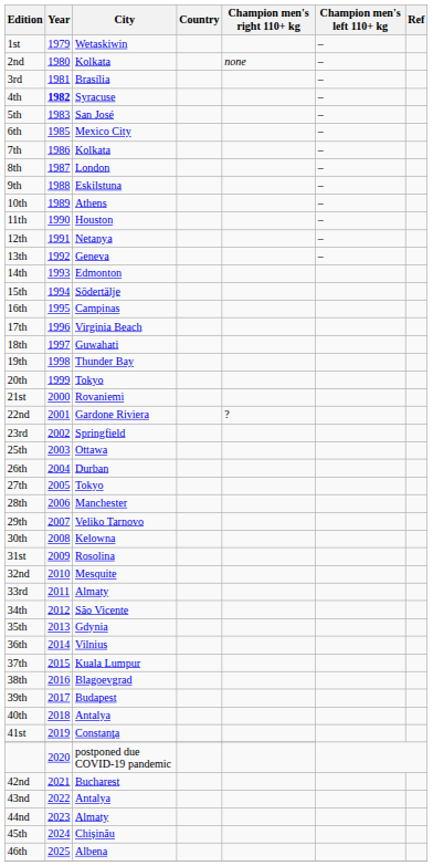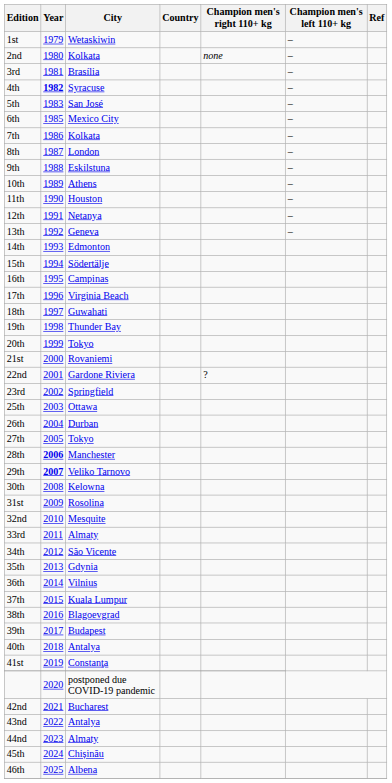 <table class="wikitable" style="text-align:left;">
 <tr>
 <th>Edition</th>
 <th>Year</th>
 <th>City</th>
 <th>Country</th>
 <th>Champion men's right 110+ kg</th>
 <th>Champion men's left 110+ kg</th>
 <th>Ref</th>
 </tr>
 <tr>
 <td>1st</td>
 <td><a href='#'>1979</a></td>
 <td><a href='#'>Wetaskiwin</a></td>
 <td></td>
 <td></td>
 <td>–</td>
 <td></td>
 </tr>
 <tr>
 <td>2nd</td>
 <td><a href='#'>1980</a></td>
 <td><a href='#'>Kolkata</a></td>
 <td></td>
 <td><em>none</em></td>
 <td>–</td>
 <td></td>
 </tr>
 <tr>
 <td>3rd</td>
 <td><a href='#'>1981</a></td>
 <td><a href='#'>Brasília</a></td>
 <td></td>
 <td></td>
 <td>–</td>
 <td></td>
 </tr>
 <tr>
 <td>4th</td>
 <td><strong><a href='#'>1982</a></strong></td>
 <td><a href='#'>Syracuse</a></td>
 <td></td>
 <td></td>
 <td>–</td>
 <td></td>
 </tr>
 <tr>
 <td>5th</td>
 <td><a href='#'>1983</a></td>
 <td><a href='#'>San José</a></td>
 <td></td>
 <td></td>
 <td>–</td>
 <td></td>
 </tr>
 <tr>
 <td>6th</td>
 <td><a href='#'>1985</a></td>
 <td><a href='#'>Mexico City</a></td>
 <td></td>
 <td></td>
 <td>–</td>
 <td></td>
 </tr>
 <tr>
 <td>7th</td>
 <td><a href='#'>1986</a></td>
 <td><a href='#'>Kolkata</a></td>
 <td></td>
 <td></td>
 <td>–</td>
 <td></td>
 </tr>
 <tr>
 <td>8th</td>
 <td><a href='#'>1987</a></td>
 <td><a href='#'>London</a></td>
 <td></td>
 <td></td>
 <td>–</td>
 <td></td>
 </tr>
 <tr>
 <td>9th</td>
 <td><a href='#'>1988</a></td>
 <td><a href='#'>Eskilstuna</a></td>
 <td></td>
 <td></td>
 <td>–</td>
 <td></td>
 </tr>
 <tr>
 <td>10th</td>
 <td><a href='#'>1989</a></td>
 <td><a href='#'>Athens</a></td>
 <td></td>
 <td></td>
 <td>–</td>
 <td></td>
 </tr>
 <tr>
 <td>11th</td>
 <td><a href='#'>1990</a></td>
 <td><a href='#'>Houston</a></td>
 <td></td>
 <td></td>
 <td>–</td>
 <td></td>
 </tr>
 <tr>
 <td>12th</td>
 <td><a href='#'>1991</a></td>
 <td><a href='#'>Netanya</a></td>
 <td></td>
 <td></td>
 <td>–</td>
 <td></td>
 </tr>
 <tr>
 <td>13th</td>
 <td><a href='#'>1992</a></td>
 <td><a href='#'>Geneva</a></td>
 <td></td>
 <td></td>
 <td>–</td>
 <td></td>
 </tr>
 <tr>
 <td>14th</td>
 <td><a href='#'>1993</a></td>
 <td><a href='#'>Edmonton</a></td>
 <td></td>
 <td></td>
 <td></td>
 <td></td>
 </tr>
 <tr>
 <td>15th</td>
 <td><a href='#'>1994</a></td>
 <td><a href='#'>Södertälje</a></td>
 <td></td>
 <td></td>
 <td></td>
 <td></td>
 </tr>
 <tr>
 <td>16th</td>
 <td><a href='#'>1995</a></td>
 <td><a href='#'>Campinas</a></td>
 <td></td>
 <td></td>
 <td></td>
 <td></td>
 </tr>
 <tr>
 <td>17th</td>
 <td><a href='#'>1996</a></td>
 <td><a href='#'>Virginia Beach</a></td>
 <td></td>
 <td></td>
 <td></td>
 <td></td>
 </tr>
 <tr>
 <td>18th</td>
 <td><a href='#'>1997</a></td>
 <td><a href='#'>Guwahati</a></td>
 <td></td>
 <td></td>
 <td></td>
 <td></td>
 </tr>
 <tr>
 <td>19th</td>
 <td><a href='#'>1998</a></td>
 <td><a href='#'>Thunder Bay</a></td>
 <td></td>
 <td></td>
 <td></td>
 <td></td>
 </tr>
 <tr>
 <td>20th</td>
 <td><a href='#'>1999</a></td>
 <td><a href='#'>Tokyo</a></td>
 <td></td>
 <td></td>
 <td></td>
 <td></td>
 </tr>
 <tr>
 <td>21st</td>
 <td><a href='#'>2000</a></td>
 <td><a href='#'>Rovaniemi</a></td>
 <td></td>
 <td></td>
 <td></td>
 <td></td>
 </tr>
 <tr>
 <td>22nd</td>
 <td><a href='#'>2001</a></td>
 <td><a href='#'>Gardone Riviera</a></td>
 <td></td>
 <td>?</td>
 <td></td>
 <td></td>
 </tr>
 <tr>
 <td>23rd</td>
 <td><a href='#'>2002</a></td>
 <td><a href='#'>Springfield</a></td>
 <td></td>
 <td></td>
 <td></td>
 <td></td>
 </tr>
 <tr>
 <td>25th</td>
 <td><a href='#'>2003</a></td>
 <td><a href='#'>Ottawa</a></td>
 <td></td>
 <td></td>
 <td></td>
 <td></td>
 </tr>
 <tr>
 <td>26th</td>
 <td><a href='#'>2004</a></td>
 <td><a href='#'>Durban</a></td>
 <td></td>
 <td></td>
 <td></td>
 <td></td>
 </tr>
 <tr>
 <td>27th</td>
 <td><a href='#'>2005</a></td>
 <td><a href='#'>Tokyo</a></td>
 <td></td>
 <td></td>
 <td></td>
 <td></td>
 </tr>
 <tr>
 <td>28th</td>
-<td><a href='#'>2006</a></td>
+<td><strong><a href='#'>2006</a></strong></td>
 <td><a href='#'>Manchester</a></td>
 <td></td>
 <td></td>
 <td></td>
 <td></td>
 </tr>
 <tr>
 <td>29th</td>
-<td><a href='#'>2007</a></td>
+<td><strong><a href='#'>2007</a></strong></td>
 <td><a href='#'>Veliko Tarnovo</a></td>
 <td></td>
 <td></td>
 <td></td>
 <td></td>
 </tr>
 <tr>
 <td>30th</td>
 <td><a href='#'>2008</a></td>
 <td><a href='#'>Kelowna</a></td>
 <td></td>
 <td></td>
 <td></td>
 <td></td>
 </tr>
 <tr>
 <td>31st</td>
 <td><a href='#'>2009</a></td>
 <td><a href='#'>Rosolina</a></td>
 <td></td>
 <td></td>
 <td></td>
 <td></td>
 </tr>
 <tr>
 <td>32nd</td>
 <td><a href='#'>2010</a></td>
 <td><a href='#'>Mesquite</a></td>
 <td></td>
 <td></td>
 <td></td>
 <td></td>
 </tr>
 <tr>
 <td>33rd</td>
 <td><a href='#'>2011</a></td>
 <td><a href='#'>Almaty</a></td>
 <td></td>
 <td></td>
 <td></td>
 <td></td>
 </tr>
 <tr>
 <td>34th</td>
 <td><a href='#'>2012</a></td>
 <td><a href='#'>São Vicente</a></td>
 <td></td>
 <td></td>
 <td></td>
 <td></td>
 </tr>
 <tr>
 <td>35th</td>
 <td><a href='#'>2013</a></td>
 <td><a href='#'>Gdynia</a></td>
 <td></td>
 <td></td>
 <td></td>
 <td></td>
 </tr>
 <tr>
 <td>36th</td>
 <td><a href='#'>2014</a></td>
 <td><a href='#'>Vilnius</a></td>
 <td></td>
 <td></td>
 <td></td>
 <td></td>
 </tr>
 <tr>
 <td>37th</td>
 <td><a href='#'>2015</a></td>
 <td><a href='#'>Kuala Lumpur</a></td>
 <td></td>
 <td></td>
 <td></td>
 <td></td>
 </tr>
 <tr>
 <td>38th</td>
 <td><a href='#'>2016</a></td>
 <td><a href='#'>Blagoevgrad</a></td>
 <td></td>
 <td></td>
 <td></td>
 <td></td>
 </tr>
 <tr>
 <td>39th</td>
 <td><a href='#'>2017</a></td>
 <td><a href='#'>Budapest</a></td>
 <td></td>
 <td></td>
 <td></td>
 <td></td>
 </tr>
 <tr>
 <td>40th</td>
 <td><a href='#'>2018</a></td>
 <td><a href='#'>Antalya</a></td>
 <td></td>
 <td></td>
 <td></td>
 <td></td>
 </tr>
 <tr>
 <td>41st</td>
 <td><a href='#'>2019</a></td>
 <td><a href='#'>Constanţa</a></td>
 <td></td>
 <td></td>
 <td></td>
 <td></td>
 </tr>
 <tr bgcolor=CCDDEE>
 </tr>
 <tr>
 <td></td>
 <td><a href='#'>2020</a></td>
 <td>postponed due COVID-19 pandemic</td>
 <td></td>
 <td></td>
 </tr>
 <tr>
 <td>42nd</td>
 <td><a href='#'>2021</a></td>
 <td><a href='#'>Bucharest</a></td>
 <td></td>
 <td></td>
 <td></td>
 <td></td>
 </tr>
 <tr>
 <td>43nd</td>
 <td><a href='#'>2022</a></td>
 <td><a href='#'>Antalya</a></td>
 <td></td>
 <td></td>
 <td></td>
 <td></td>
 </tr>
 <tr>
 <td>44nd</td>
 <td><a href='#'>2023</a></td>
 <td><a href='#'>Almaty</a></td>
 <td></td>
 <td></td>
 <td></td>
 <td></td>
 </tr>
 <tr>
 <td>45th</td>
 <td><a href='#'>2024</a></td>
 <td><a href='#'>Chișinău</a></td>
 <td></td>
 <td></td>
 <td></td>
 <td></td>
 </tr>
 <tr>
 <td>46th</td>
 <td><a href='#'>2025</a></td>
 <td><a href='#'>Albena</a></td>
 <td></td>
 <td></td>
 <td></td>
 <td></td>
 </tr>
 <tr>
 </tr>
 </table>
